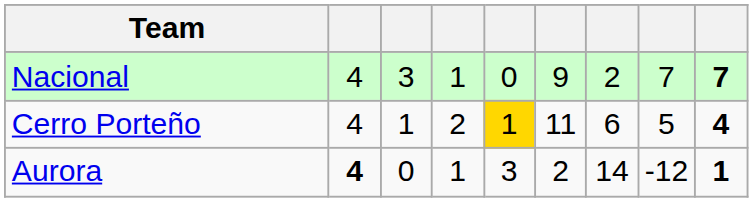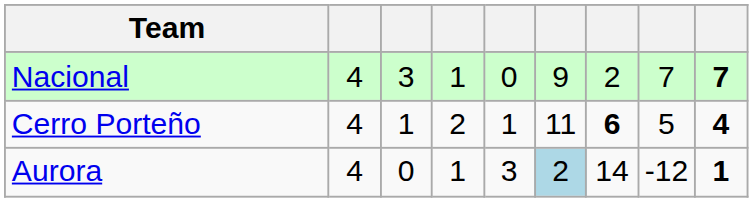 <table class="wikitable" style="text-align: center;">
 <tr>
 <th width="165">Team</th>
 <th width="20"></th>
 <th width="20"></th>
 <th width="20"></th>
 <th width="20"></th>
 <th width="20"></th>
 <th width="20"></th>
 <th width="20"></th>
 <th width="20"></th>
 </tr>
 <tr bgcolor=ccffcc>
 <td style="text-align:left;"> <a href='#'>Nacional</a></td>
 <td>4</td>
 <td>3</td>
 <td>1</td>
 <td>0</td>
 <td>9</td>
 <td>2</td>
 <td>7</td>
 <td><strong>7</strong></td>
 </tr>
 <tr>
 <td style="text-align:left;"> <a href='#'>Cerro Porteño</a></td>
 <td>4</td>
 <td>1</td>
 <td>2</td>
-<td style="background: gold;">1</td>
+<td>1</td>
 <td>11</td>
-<td>6</td>
+<td><strong>6</strong></td>
 <td>5</td>
 <td><strong>4</strong></td>
 </tr>
 <tr>
 <td style="text-align:left;"> <a href='#'>Aurora</a></td>
-<td><strong>4</strong></td>
+<td>4</td>
 <td>0</td>
 <td>1</td>
 <td>3</td>
-<td>2</td>
+<td style="background: lightblue;">2</td>
 <td>14</td>
 <td>-12</td>
 <td><strong>1</strong></td>
 </tr>
 </table>
